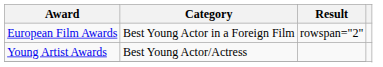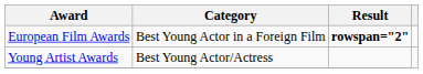 <table class="wikitable sortable" style=>
 <tr>
 <th scope="col">Award</th>
 <th scope="col">Category</th>
 <th scope="col">Result</th>
 <th scope="col" class="unsortable"></th>
 </tr>
 <tr>
 <td rowspan="1"><a href='#'>European Film Awards</a></td>
 <td>Best Young Actor in a Foreign Film</td>
-<td>rowspan="2" </td>
+<td><strong>rowspan="2" </strong></td>
 <td rowspan="1"></td>
 </tr>
 <tr>
 <td rowspan="1"><a href='#'>Young Artist Awards</a></td>
 <td>Best Young Actor/Actress</td>
 <td rowspan="1"></td>
 </tr>
 <tr>
 </tr>
 </table>
